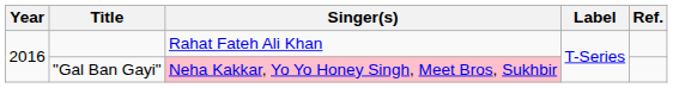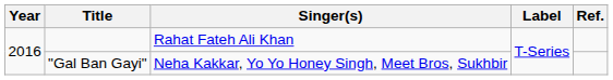 <table class="wikitable sortable">
 <tr>
 <th>Year</th>
 <th>Title</th>
 <th>Singer(s)</th>
 <th>Label</th>
 <th>Ref.</th>
 </tr>
 <tr>
 <td rowspan="2">2016</td>
 <td></td>
 <td><a href='#'>Rahat Fateh Ali Khan</a></td>
 <td rowspan="2"><a href='#'>T-Series</a></td>
 <td></td>
 </tr>
 <tr>
 <td>"Gal Ban Gayi"</td>
-<td style="background: pink;"><a href='#'>Neha Kakkar</a>, <a href='#'>Yo Yo Honey Singh</a>, <a href='#'>Meet Bros</a>, <a href='#'>Sukhbir</a></td>
+<td><a href='#'>Neha Kakkar</a>, <a href='#'>Yo Yo Honey Singh</a>, <a href='#'>Meet Bros</a>, <a href='#'>Sukhbir</a></td>
 <td></td>
 </tr>
 </table>
